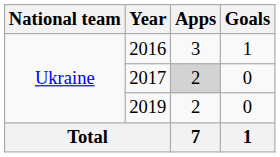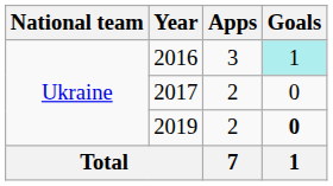 <table class="wikitable" style="text-align:center">
 <tr>
 <th>National team</th>
 <th>Year</th>
 <th>Apps</th>
 <th>Goals</th>
 </tr>
 <tr>
 <td rowspan="3"><a href='#'>Ukraine</a></td>
 <td>2016</td>
 <td>3</td>
-<td>1</td>
+<td style="background: paleturquoise;">1</td>
 </tr>
 <tr>
 <td>2017</td>
-<td style="background: lightgrey;">2</td>
+<td>2</td>
 <td>0</td>
 </tr>
 <tr>
 <td>2019</td>
 <td>2</td>
-<td>0</td>
+<td><strong>0</strong></td>
 </tr>
 <tr>
 <th colspan="2">Total</th>
 <th>7</th>
 <th>1</th>
 </tr>
 </table>
